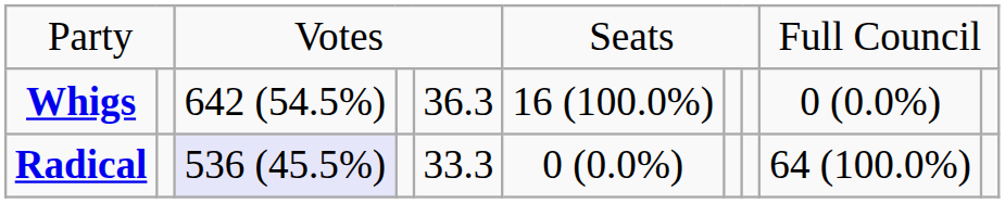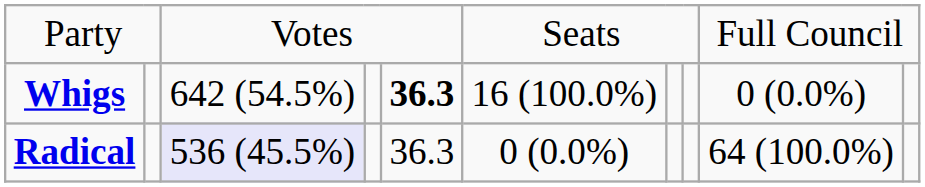 <table class=wikitable style="text-align:center;">
 <tr>
 <td colspan=2>Party</td>
 <td colspan=3>Votes</td>
 <td colspan=3>Seats</td>
 <td colspan=3>Full Council</td>
 </tr>
 <tr>
 <td><strong><a href='#'>Whigs</a></strong></td>
 <td style="background:"></td>
 <td>642 (54.5%)</td>
 <td></td>
-<td> 36.3</td>
+<td><strong> 36.3</strong></td>
 <td>16 (100.0%)</td>
 <td></td>
 <td></td>
 <td>0 (0.0%)</td>
 <td></td>
 </tr>
 <tr>
 <td><strong><a href='#'>Radical</a></strong></td>
 <td style="background:"></td>
 <td style="background: lavender;">536 (45.5%)</td>
 <td></td>
-<td> 33.3</td>
+<td> 36.3</td>
 <td>0 (0.0%)</td>
 <td></td>
 <td></td>
 <td>64 (100.0%)</td>
 <td></td>
 </tr>
 </table>
